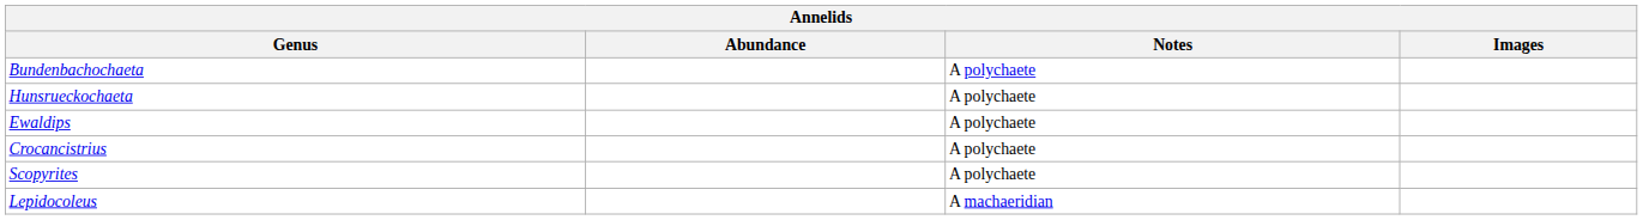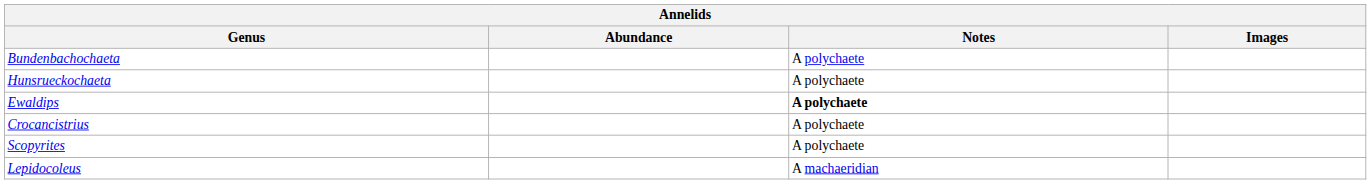 <table class="wikitable sortable" style="background:white; width:100%;">
 <tr>
 <th colspan="5" align="center">Annelids</th>
 </tr>
 <tr>
 <th>Genus</th>
 <th>Abundance</th>
 <th>Notes</th>
 <th>Images</th>
 </tr>
 <tr>
 <td><em><a href='#'>Bundenbachochaeta</a></em></td>
 <td></td>
 <td>A <a href='#'>polychaete</a></td>
 <td></td>
 </tr>
 <tr>
 <td><em><a href='#'>Hunsrueckochaeta</a></em></td>
 <td></td>
 <td>A polychaete</td>
 <td></td>
 </tr>
 <tr>
 <td><em><a href='#'>Ewaldips</a></em></td>
 <td></td>
-<td>A polychaete</td>
+<td><strong>A polychaete</strong></td>
 <td></td>
 </tr>
 <tr>
 <td><em><a href='#'>Crocancistrius</a></em></td>
 <td></td>
 <td>A polychaete</td>
 <td></td>
 </tr>
 <tr>
 <td><em><a href='#'>Scopyrites</a></em></td>
 <td></td>
 <td>A polychaete</td>
 <td></td>
 </tr>
 <tr>
 <td><em><a href='#'>Lepidocoleus</a></em></td>
 <td></td>
 <td>A <a href='#'>machaeridian</a></td>
 <td></td>
 </tr>
 </table>
